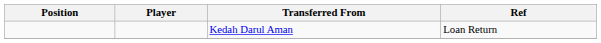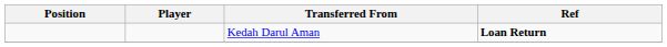 <table class="wikitable sortable" style="width:70%; font-size:100%; text-align:left;">
 <tr>
 <th>Position</th>
 <th>Player</th>
 <th>Transferred From</th>
 <th>Ref</th>
 </tr>
 <tr>
 <td></td>
 <td></td>
 <td> <a href='#'>Kedah Darul Aman</a></td>
-<td>Loan Return</td>
+<td><strong>Loan Return</strong></td>
 </tr>
 <tr>
 </tr>
 </table>
